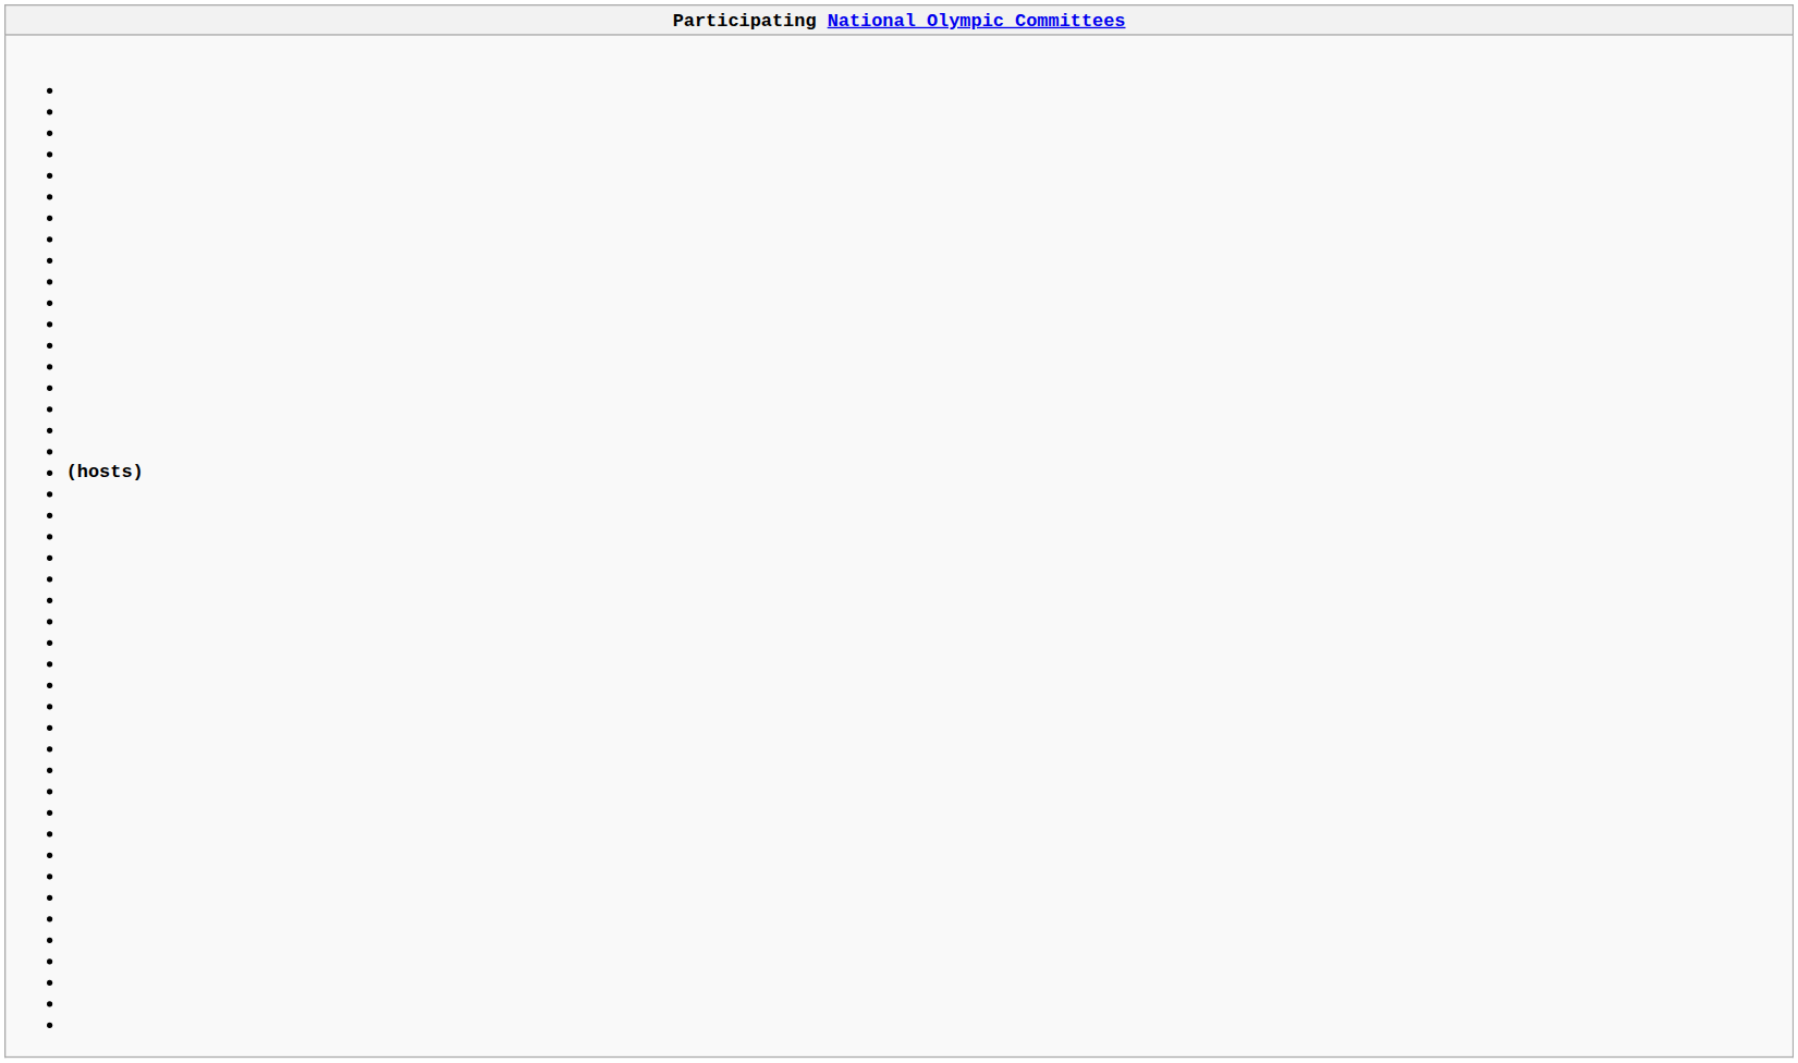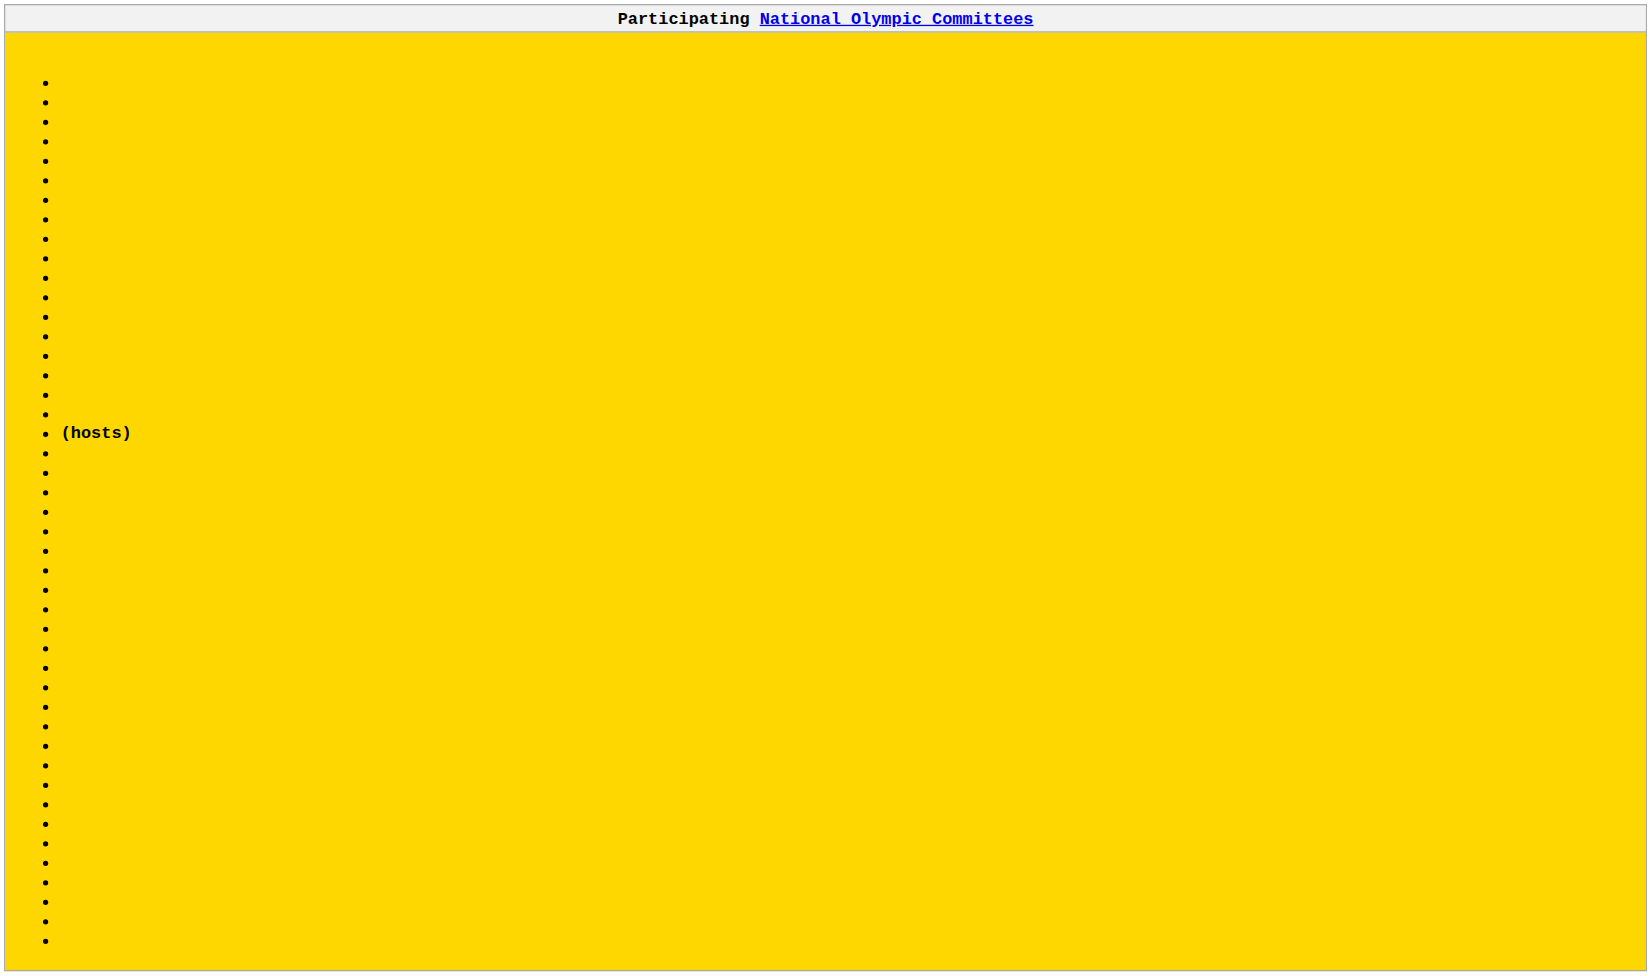 <table class="wikitable collapsible" style="width:100%;">
 <tr>
 <th>Participating <a href='#'>National Olympic Committees</a></th>
 </tr>
 <tr>
-<td><br><ul><li></li><li></li><li></li><li></li><li></li><li></li><li></li><li></li><li></li><li></li><li></li><li></li><li></li><li></li><li></li><li></li><li></li><li></li><li><strong>(hosts)</strong></li><li></li><li></li><li></li><li></li><li></li><li></li><li></li><li></li><li></li><li></li><li></li><li></li><li></li><li></li><li></li><li></li><li></li><li></li><li></li><li></li><li></li><li></li><li></li><li></li><li></li><li></li></ul></td>
+<td style="background: gold;"><br><ul><li></li><li></li><li></li><li></li><li></li><li></li><li></li><li></li><li></li><li></li><li></li><li></li><li></li><li></li><li></li><li></li><li></li><li></li><li><strong>(hosts)</strong></li><li></li><li></li><li></li><li></li><li></li><li></li><li></li><li></li><li></li><li></li><li></li><li></li><li></li><li></li><li></li><li></li><li></li><li></li><li></li><li></li><li></li><li></li><li></li><li></li><li></li><li></li></ul></td>
 </tr>
 </table>
